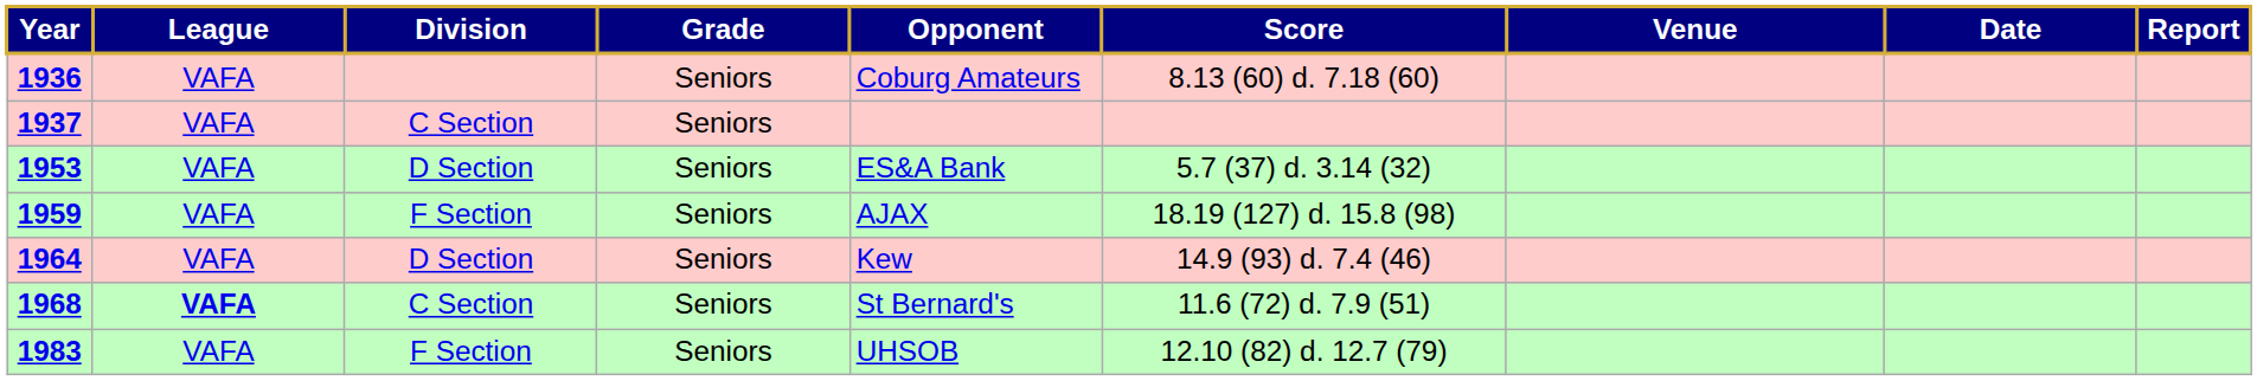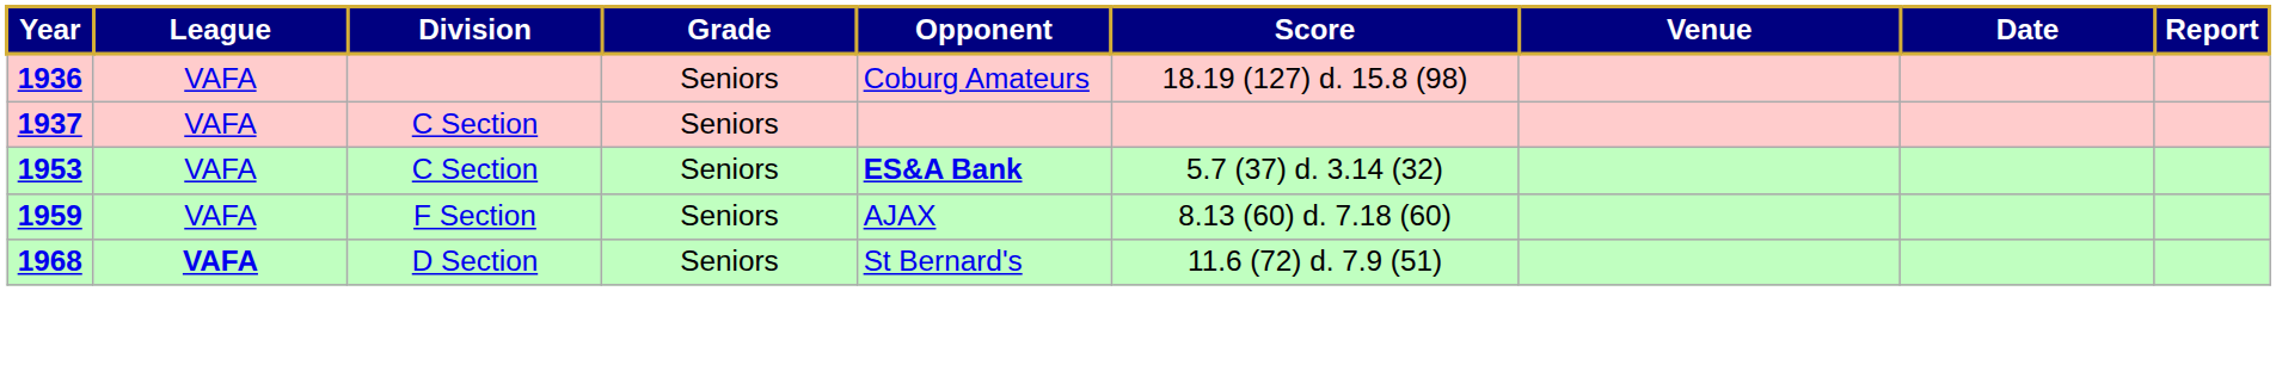 <table class="wikitable" style="text-align:center; text-valign:center">
 <tr>
 <th style="background:#000080; color:#FFFFFF; border:solid #d4af37 2px"; width=3%>Year</th>
 <th style="background:#000080; color:#FFFFFF; border:solid #d4af37 2px"; width=10%>League</th>
 <th style="background:#000080; color:#FFFFFF; border:solid #d4af37 2px"; width=10%>Division</th>
 <th style="background:#000080; color:#FFFFFF; border:solid #d4af37 2px"; width=10%>Grade</th>
 <th style="background:#000080; color:#FFFFFF; border:solid #d4af37 2px"; width=10%>Opponent</th>
 <th style="background:#000080; color:#FFFFFF; border:solid #d4af37 2px"; width=16%>Score</th>
 <th style="background:#000080; color:#FFFFFF; border:solid #d4af37 2px"; width=15%>Venue</th>
 <th style="background:#000080; color:#FFFFFF; border:solid #d4af37 2px"; width=10%>Date</th>
 <th style="background:#000080; color:#FFFFFF; border:solid #d4af37 2px"; width=2%>Report</th>
 </tr>
 <tr style="background:#fcc;">
 <td><strong><a href='#'>1936</a></strong></td>
 <td><a href='#'>VAFA</a></td>
 <td></td>
 <td>Seniors</td>
 <td align=left><a href='#'>Coburg Amateurs</a></td>
-<td>8.13 (60) d. 7.18 (60)</td>
+<td>18.19 (127) d. 15.8 (98)</td>
 <td align=left></td>
 <td align=left></td>
 <td></td>
 </tr>
 <tr style="background:#fcc;">
 <td><strong><a href='#'>1937</a></strong></td>
 <td><a href='#'>VAFA</a></td>
 <td><a href='#'>C Section</a></td>
 <td>Seniors</td>
 <td align=left></td>
 <td></td>
 <td align=left></td>
 <td align=left></td>
 <td></td>
 </tr>
 <tr style="background:#C0FFC0;">
 <td><strong><a href='#'>1953</a></strong></td>
 <td><a href='#'>VAFA</a></td>
-<td><a href='#'>D Section</a></td>
+<td><a href='#'>C Section</a></td>
 <td>Seniors</td>
-<td align=left><a href='#'>ES&A Bank</a></td>
+<td align=left><strong><a href='#'>ES&A Bank</a></strong></td>
 <td>5.7 (37) d. 3.14 (32)</td>
 <td align=left></td>
 <td align=left></td>
 <td></td>
 </tr>
 <tr style="background:#C0FFC0;">
 <td><strong><a href='#'>1959</a></strong></td>
 <td><a href='#'>VAFA</a></td>
 <td><a href='#'>F Section</a></td>
 <td>Seniors</td>
 <td align=left><a href='#'>AJAX</a></td>
-<td>18.19 (127) d. 15.8 (98)</td>
-<td align=left></td>
-<td align=left></td>
-<td></td>
-</tr>
-<tr style="background:#fcc;">
-<td><strong><a href='#'>1964</a></strong></td>
-<td><a href='#'>VAFA</a></td>
-<td><a href='#'>D Section</a></td>
-<td>Seniors</td>
-<td align=left><a href='#'>Kew</a></td>
-<td>14.9 (93) d. 7.4 (46)</td>
+<td>8.13 (60) d. 7.18 (60)</td>
 <td align=left></td>
 <td align=left></td>
 <td></td>
 </tr>
 <tr style="background:#C0FFC0;">
 <td><strong><a href='#'>1968</a></strong></td>
 <td><strong><a href='#'>VAFA</a></strong></td>
-<td><a href='#'>C Section</a></td>
+<td><a href='#'>D Section</a></td>
 <td>Seniors</td>
 <td align=left><a href='#'>St Bernard's</a></td>
 <td>11.6 (72) d. 7.9 (51)</td>
 <td align=left></td>
 <td align=left></td>
 <td></td>
 </tr>
-<tr style="background:#C0FFC0;">
-<td><strong><a href='#'>1983</a></strong></td>
-<td><a href='#'>VAFA</a></td>
-<td><a href='#'>F Section</a></td>
-<td>Seniors</td>
-<td align=left><a href='#'>UHSOB</a></td>
-<td>12.10 (82) d. 12.7 (79)</td>
-<td align=left></td>
-<td align=left></td>
-<td></td>
-</tr>
 </table>
